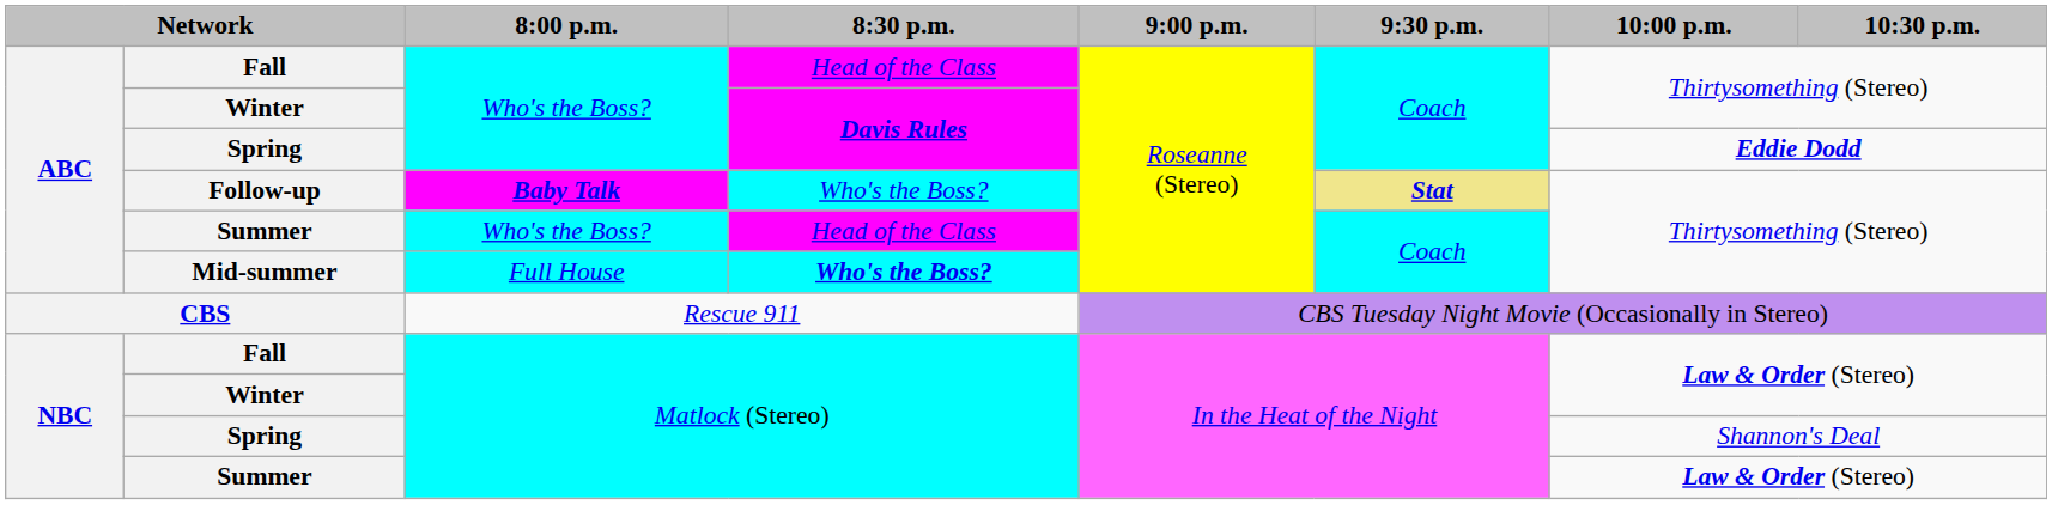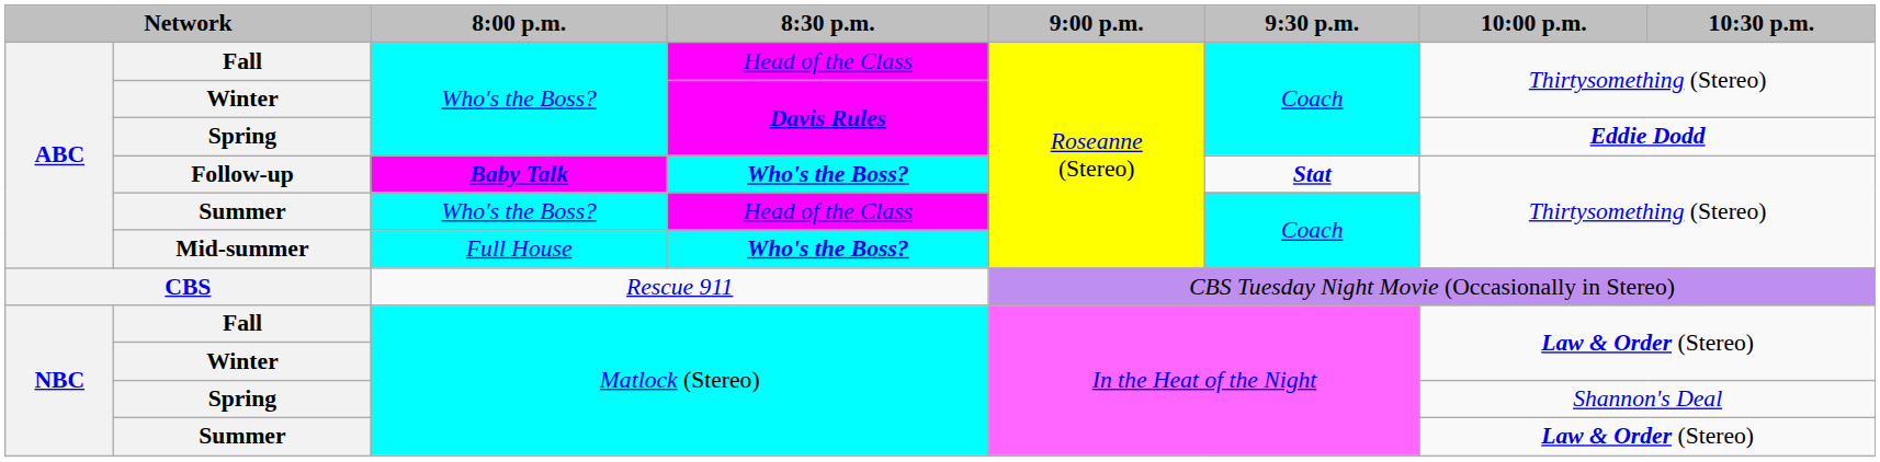 <table class="wikitable" style="width:100%;margin-right:0;text-align:center">
 <tr>
 <th colspan="2" style="background-color:#C0C0C0;text-align:center">Network</th>
 <th style="background-color:#C0C0C0;text-align:center">8:00 p.m.</th>
 <th style="background-color:#C0C0C0;text-align:center">8:30 p.m.</th>
 <th style="background-color:#C0C0C0;text-align:center">9:00 p.m.</th>
 <th style="background-color:#C0C0C0;text-align:center">9:30 p.m.</th>
 <th style="background-color:#C0C0C0;text-align:center">10:00 p.m.</th>
 <th style="background-color:#C0C0C0;text-align:center">10:30 p.m.</th>
 </tr>
 <tr>
 <th rowspan="6"><a href='#'>ABC</a></th>
 <th>Fall</th>
 <td style="background:#00FFFF;" rowspan="3"><em><a href='#'>Who's the Boss?</a></em> </td>
 <td style="background:#FF00FF;"><em><a href='#'>Head of the Class</a></em> </td>
 <td style="background:#FFFF00;" rowspan="6"><em><a href='#'>Roseanne</a></em><br>(Stereo) </td>
 <td style="background:#00FFFF;" rowspan="3"><em><a href='#'>Coach</a></em> </td>
 <td colspan="2" rowspan="2"><em><a href='#'>Thirtysomething</a></em> (Stereo)</td>
 </tr>
 <tr>
 <th>Winter</th>
 <td style="background:#FF00FF;" rowspan="2"><strong><em><a href='#'>Davis Rules</a></em></strong> </td>
 </tr>
 <tr>
 <th>Spring</th>
 <td colspan="2"><strong><em><a href='#'>Eddie Dodd</a></em></strong></td>
 </tr>
 <tr>
 <th>Follow-up</th>
 <td style="background:#FF00FF;"><strong><em><a href='#'>Baby Talk</a></em></strong> </td>
-<td style="background:#00FFFF;"><em><a href='#'>Who's the Boss?</a></em> </td>
-<td style="background: khaki;"><strong><em><a href='#'>Stat</a></em></strong></td>
+<td style="background:#00FFFF;"><strong><em><a href='#'>Who's the Boss?</a></em> </strong></td>
+<td><strong><em><a href='#'>Stat</a></em></strong></td>
 <td rowspan="3" colspan="2"><em><a href='#'>Thirtysomething</a></em> (Stereo)</td>
 </tr>
 <tr>
 <th>Summer</th>
 <td style="background:#00FFFF;"><em><a href='#'>Who's the Boss?</a></em> </td>
 <td style="background:#FF00FF;"><em><a href='#'>Head of the Class</a></em> </td>
 <td style="background:#00FFFF;" rowspan="2"><em><a href='#'>Coach</a></em> </td>
 </tr>
 <tr>
 <th>Mid-summer</th>
 <td style="background:#00FFFF;"><em><a href='#'>Full House</a></em> </td>
 <td style="background:#00FFFF;"><strong><em><a href='#'>Who's the Boss?</a></em> </strong></td>
 </tr>
 <tr>
 <th colspan="2"><a href='#'>CBS</a></th>
 <td colspan="2"><em><a href='#'>Rescue 911</a></em></td>
 <td colspan="4" style="background:#bf8fef;"><em>CBS Tuesday Night Movie</em> (Occasionally in Stereo)</td>
 </tr>
 <tr>
 <th rowspan="4"><a href='#'>NBC</a></th>
 <th>Fall</th>
 <td style="background:#00FFFF;" colspan="2" rowspan="4"><em><a href='#'>Matlock</a></em> (Stereo) </td>
 <td style="background:#FF66FF;" colspan="2" rowspan="4"><em><a href='#'>In the Heat of the Night</a></em> </td>
 <td colspan="2" rowspan="2"><strong><em><a href='#'>Law & Order</a></em></strong> (Stereo)</td>
 </tr>
 <tr>
 <th>Winter</th>
 </tr>
 <tr>
 <th>Spring</th>
 <td colspan="2"><em><a href='#'>Shannon's Deal</a></em></td>
 </tr>
 <tr>
 <th>Summer</th>
 <td colspan="2"><strong><em><a href='#'>Law & Order</a></em></strong> (Stereo)</td>
 </tr>
 </table>
